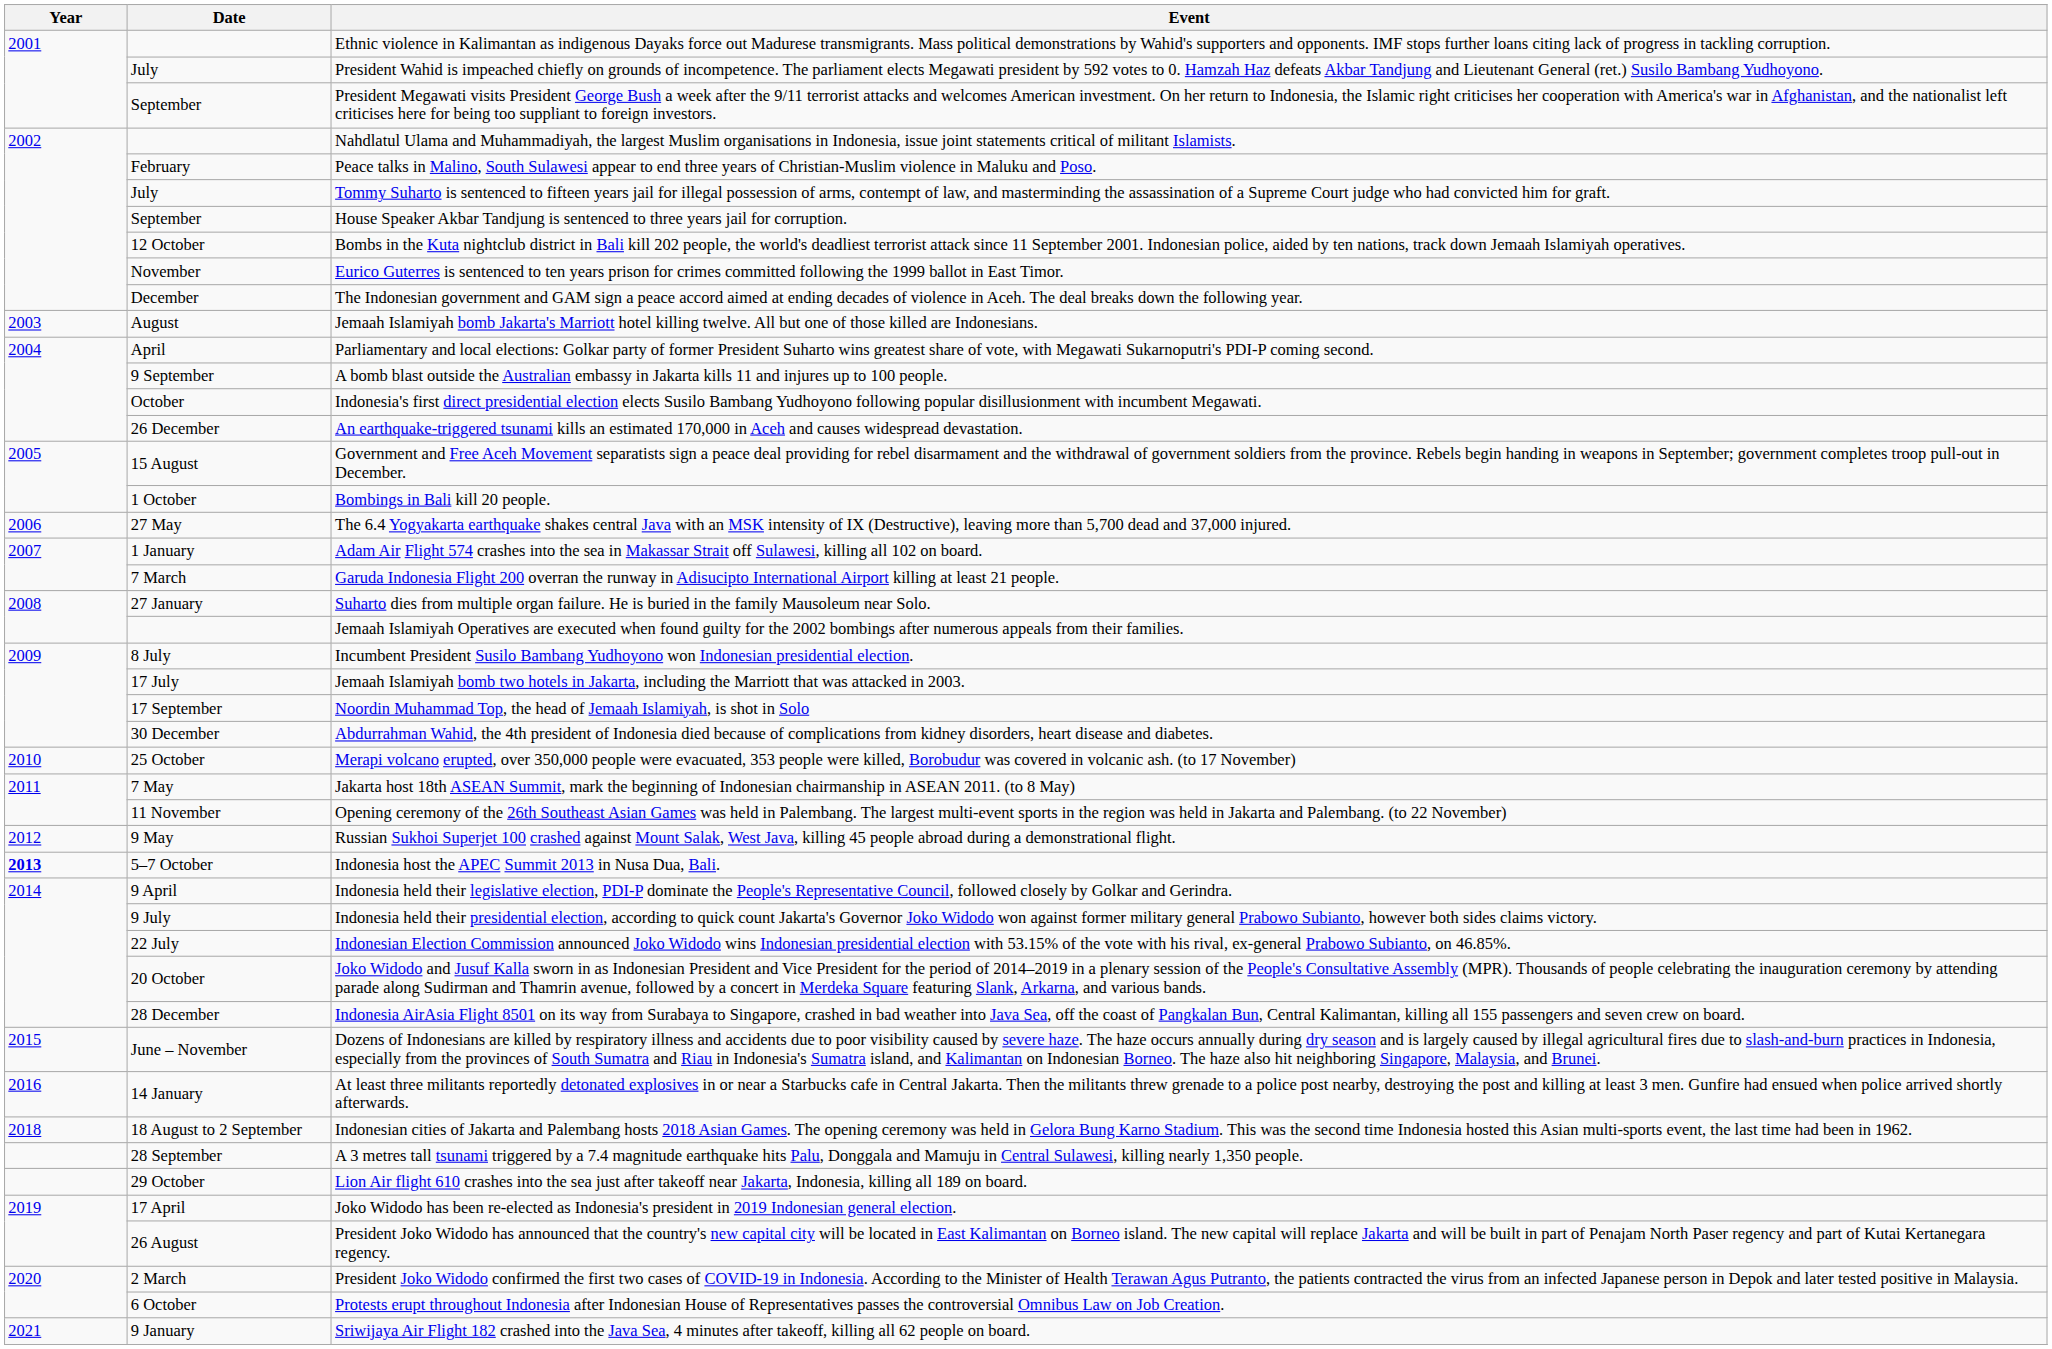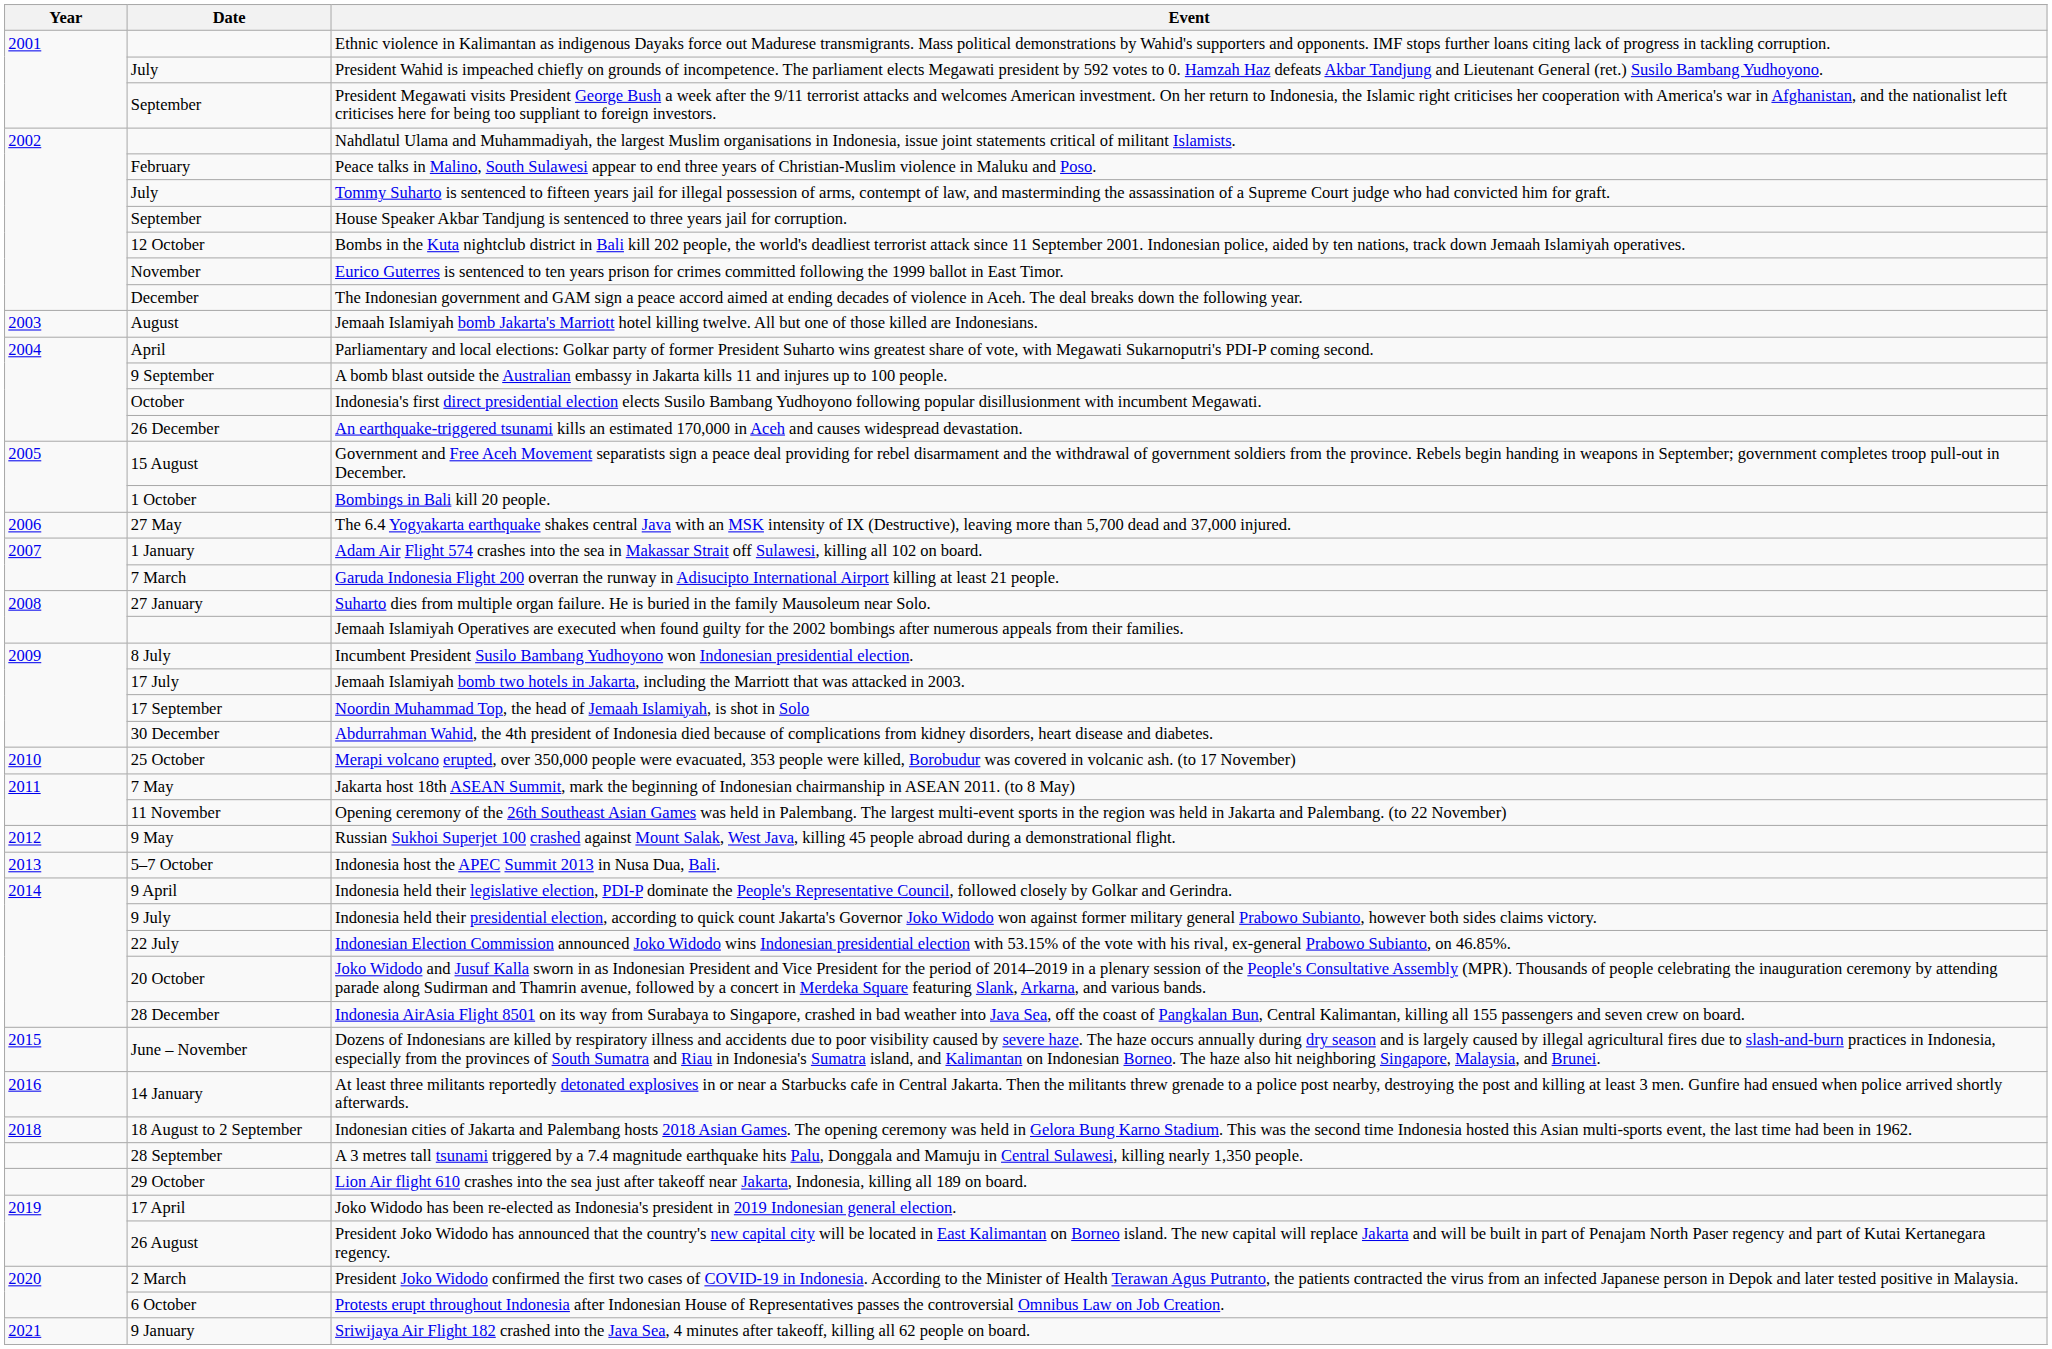 <table class="wikitable" width="100%">
 <tr>
 <th style="width:6%">Year</th>
 <th style="width:10%">Date</th>
 <th>Event</th>
 </tr>
 <tr>
 <td rowspan="3" valign="top"><a href='#'>2001</a></td>
 <td></td>
 <td>Ethnic violence in Kalimantan as indigenous Dayaks force out Madurese transmigrants. Mass political demonstrations by Wahid's supporters and opponents. IMF stops further loans citing lack of progress in tackling corruption.</td>
 </tr>
 <tr>
 <td>July</td>
 <td>President Wahid is impeached chiefly on grounds of incompetence. The parliament elects Megawati president by 592 votes to 0. <a href='#'>Hamzah Haz</a> defeats <a href='#'>Akbar Tandjung</a> and Lieutenant General (ret.) <a href='#'>Susilo Bambang Yudhoyono</a>.</td>
 </tr>
 <tr>
 <td>September</td>
 <td>President Megawati visits President <a href='#'>George Bush</a> a week after the 9/11 terrorist attacks and welcomes American investment. On her return to Indonesia, the Islamic right criticises her cooperation with America's war in <a href='#'>Afghanistan</a>, and the nationalist left criticises here for being too suppliant to foreign investors.</td>
 </tr>
 <tr>
 <td rowspan="7" valign="top"><a href='#'>2002</a></td>
 <td></td>
 <td>Nahdlatul Ulama and Muhammadiyah, the largest Muslim organisations in Indonesia, issue joint statements critical of militant <a href='#'>Islamists</a>.</td>
 </tr>
 <tr>
 <td>February</td>
 <td>Peace talks in <a href='#'>Malino</a>, <a href='#'>South Sulawesi</a> appear to end three years of Christian-Muslim violence in Maluku and <a href='#'>Poso</a>.</td>
 </tr>
 <tr>
 <td>July</td>
 <td><a href='#'>Tommy Suharto</a> is sentenced to fifteen years jail for illegal possession of arms, contempt of law, and masterminding the assassination of a Supreme Court judge who had convicted him for graft.</td>
 </tr>
 <tr>
 <td>September</td>
 <td>House Speaker Akbar Tandjung is sentenced to three years jail for corruption.</td>
 </tr>
 <tr>
 <td>12 October</td>
 <td>Bombs in the <a href='#'>Kuta</a> nightclub district in <a href='#'>Bali</a> kill 202 people, the world's deadliest terrorist attack since 11 September 2001. Indonesian police, aided by ten nations, track down Jemaah Islamiyah operatives.</td>
 </tr>
 <tr>
 <td>November</td>
 <td><a href='#'>Eurico Guterres</a> is sentenced to ten years prison for crimes committed following the 1999 ballot in East Timor.</td>
 </tr>
 <tr>
 <td>December</td>
 <td>The Indonesian government and GAM sign a peace accord aimed at ending decades of violence in Aceh. The deal breaks down the following year.</td>
 </tr>
 <tr>
 <td><a href='#'>2003</a></td>
 <td>August</td>
 <td>Jemaah Islamiyah <a href='#'>bomb Jakarta's Marriott</a> hotel killing twelve. All but one of those killed are Indonesians.</td>
 </tr>
 <tr>
 <td rowspan="4" valign="top"><a href='#'>2004</a></td>
 <td>April</td>
 <td>Parliamentary and local elections: Golkar party of former President Suharto wins greatest share of vote, with Megawati Sukarnoputri's PDI-P coming second.</td>
 </tr>
 <tr>
 <td>9 September</td>
 <td>A bomb blast outside the <a href='#'>Australian</a> embassy in Jakarta kills 11 and injures up to 100 people.</td>
 </tr>
 <tr>
 <td>October</td>
 <td>Indonesia's first <a href='#'>direct presidential election</a> elects Susilo Bambang Yudhoyono following popular disillusionment with incumbent Megawati.</td>
 </tr>
 <tr>
 <td>26 December</td>
 <td><a href='#'>An earthquake-triggered tsunami</a> kills an estimated 170,000 in <a href='#'>Aceh</a> and causes widespread devastation.</td>
 </tr>
 <tr>
 <td rowspan="2" valign="top"><a href='#'>2005</a></td>
 <td>15 August</td>
 <td>Government and <a href='#'>Free Aceh Movement</a> separatists sign a peace deal providing for rebel disarmament and the withdrawal of government soldiers from the province. Rebels begin handing in weapons in September; government completes troop pull-out in December.</td>
 </tr>
 <tr>
 <td>1 October</td>
 <td><a href='#'>Bombings in Bali</a> kill 20 people.</td>
 </tr>
 <tr>
 <td><a href='#'>2006</a></td>
 <td>27 May</td>
 <td>The 6.4  <a href='#'>Yogyakarta earthquake</a> shakes central <a href='#'>Java</a> with an <a href='#'>MSK</a> intensity of IX (Destructive), leaving more than 5,700 dead and 37,000 injured.</td>
 </tr>
 <tr>
 <td rowspan="2" valign="top"><a href='#'>2007</a></td>
 <td>1 January</td>
 <td><a href='#'>Adam Air</a> <a href='#'>Flight 574</a> crashes into the sea in <a href='#'>Makassar Strait</a> off <a href='#'>Sulawesi</a>, killing all 102 on board.</td>
 </tr>
 <tr>
 <td>7 March</td>
 <td><a href='#'>Garuda Indonesia Flight 200</a> overran the runway in <a href='#'>Adisucipto International Airport</a> killing at least 21 people.</td>
 </tr>
 <tr>
 <td rowspan="2" valign="top"><a href='#'>2008</a></td>
 <td>27 January</td>
 <td><a href='#'>Suharto</a> dies from multiple organ failure. He is buried in the family Mausoleum near Solo.</td>
 </tr>
 <tr>
 <td></td>
 <td>Jemaah Islamiyah Operatives are executed when found guilty for the 2002 bombings after numerous appeals from their families.</td>
 </tr>
 <tr>
 <td rowspan="4" valign="top"><a href='#'>2009</a></td>
 <td>8 July</td>
 <td>Incumbent President <a href='#'>Susilo Bambang Yudhoyono</a> won <a href='#'>Indonesian presidential election</a>.</td>
 </tr>
 <tr>
 <td>17 July</td>
 <td>Jemaah Islamiyah <a href='#'>bomb two hotels in Jakarta</a>, including the Marriott that was attacked in 2003.</td>
 </tr>
 <tr>
 <td>17 September</td>
 <td><a href='#'>Noordin Muhammad Top</a>, the head of <a href='#'>Jemaah Islamiyah</a>, is shot in <a href='#'>Solo</a></td>
 </tr>
 <tr>
 <td>30 December</td>
 <td><a href='#'>Abdurrahman Wahid</a>, the 4th president of Indonesia died because of complications from kidney disorders, heart disease and diabetes.</td>
 </tr>
 <tr>
 <td><a href='#'>2010</a></td>
 <td>25 October</td>
 <td><a href='#'>Merapi volcano</a> <a href='#'>erupted</a>, over 350,000 people were evacuated, 353 people were killed, <a href='#'>Borobudur</a> was covered in volcanic ash. (to 17 November)</td>
 </tr>
 <tr>
 <td rowspan="2" valign="top"><a href='#'>2011</a></td>
 <td>7 May</td>
 <td>Jakarta host 18th <a href='#'>ASEAN Summit</a>, mark the beginning of Indonesian chairmanship in ASEAN 2011. (to 8 May)</td>
 </tr>
 <tr>
 <td>11 November</td>
 <td>Opening ceremony of the <a href='#'>26th Southeast Asian Games</a> was held in Palembang. The largest multi-event sports in the region was held in Jakarta and Palembang. (to 22 November)</td>
 </tr>
 <tr>
 <td rowspan="1" valign="top"><a href='#'>2012</a></td>
 <td>9 May</td>
 <td>Russian <a href='#'>Sukhoi Superjet 100</a> <a href='#'>crashed</a> against <a href='#'>Mount Salak</a>, <a href='#'>West Java</a>, killing 45 people abroad during a demonstrational flight.</td>
 </tr>
 <tr>
-<td rowspan="1" valign="top"><strong><a href='#'>2013</a></strong></td>
+<td rowspan="1" valign="top"><a href='#'>2013</a></td>
 <td>5–7 October</td>
 <td>Indonesia host the <a href='#'>APEC</a> <a href='#'>Summit 2013</a> in Nusa Dua, <a href='#'>Bali</a>.</td>
 </tr>
 <tr>
 <td rowspan="5" valign="top"><a href='#'>2014</a></td>
 <td>9 April</td>
 <td>Indonesia held their <a href='#'>legislative election</a>, <a href='#'>PDI-P</a> dominate the <a href='#'>People's Representative Council</a>, followed closely by Golkar and Gerindra.</td>
 </tr>
 <tr>
 <td>9 July</td>
 <td>Indonesia held their <a href='#'>presidential election</a>, according to quick count Jakarta's Governor <a href='#'>Joko Widodo</a> won against former military general <a href='#'>Prabowo Subianto</a>, however both sides claims victory.</td>
 </tr>
 <tr>
 <td>22 July</td>
 <td><a href='#'>Indonesian Election Commission</a> announced <a href='#'>Joko Widodo</a> wins <a href='#'>Indonesian presidential election</a> with 53.15% of the vote with his rival, ex-general <a href='#'>Prabowo Subianto</a>, on 46.85%.</td>
 </tr>
 <tr>
 <td>20 October</td>
 <td><a href='#'>Joko Widodo</a> and <a href='#'>Jusuf Kalla</a> sworn in as Indonesian President and Vice President for the period of 2014–2019 in a plenary session of the <a href='#'>People's Consultative Assembly</a> (MPR). Thousands of people celebrating the inauguration ceremony by attending parade along Sudirman and Thamrin avenue, followed by a concert in <a href='#'>Merdeka Square</a> featuring <a href='#'>Slank</a>, <a href='#'>Arkarna</a>, and various bands.</td>
 </tr>
 <tr>
 <td>28 December</td>
 <td><a href='#'>Indonesia AirAsia Flight 8501</a> on its way from Surabaya to Singapore, crashed in bad weather into <a href='#'>Java Sea</a>, off the coast of <a href='#'>Pangkalan Bun</a>, Central Kalimantan, killing all 155 passengers and seven crew on board.</td>
 </tr>
 <tr>
 <td rowspan="1" valign="top"><a href='#'>2015</a></td>
 <td>June – November</td>
 <td>Dozens of Indonesians are killed by respiratory illness and accidents due to poor visibility caused by <a href='#'>severe haze</a>. The haze occurs annually during <a href='#'>dry season</a> and is largely caused by illegal agricultural fires due to <a href='#'>slash-and-burn</a> practices in Indonesia, especially from the provinces of <a href='#'>South Sumatra</a> and <a href='#'>Riau</a> in Indonesia's <a href='#'>Sumatra</a> island, and <a href='#'>Kalimantan</a> on Indonesian <a href='#'>Borneo</a>. The haze also hit neighboring <a href='#'>Singapore</a>, <a href='#'>Malaysia</a>, and <a href='#'>Brunei</a>.</td>
 </tr>
 <tr>
 <td rowspan="1" valign="top"><a href='#'>2016</a></td>
 <td>14 January</td>
 <td>At least three militants reportedly <a href='#'>detonated explosives</a> in or near a Starbucks cafe in Central Jakarta. Then the militants threw grenade to a police post nearby, destroying the post and killing at least 3 men. Gunfire had ensued when police arrived shortly afterwards.</td>
 </tr>
 <tr>
 <td><a href='#'>2018</a></td>
 <td>18 August to 2 September</td>
 <td>Indonesian cities of Jakarta and Palembang hosts <a href='#'>2018 Asian Games</a>. The opening ceremony was held in <a href='#'>Gelora Bung Karno Stadium</a>. This was the second time Indonesia hosted this Asian multi-sports event, the last time had been in 1962.</td>
 </tr>
 <tr>
 <td></td>
 <td>28 September</td>
 <td>A 3 metres tall <a href='#'>tsunami</a> triggered by a 7.4 magnitude earthquake hits <a href='#'>Palu</a>, Donggala and Mamuju in <a href='#'>Central Sulawesi</a>, killing nearly 1,350 people.</td>
 </tr>
 <tr>
 <td></td>
 <td>29 October</td>
 <td><a href='#'>Lion Air flight 610</a> crashes into the sea just after takeoff near <a href='#'>Jakarta</a>, Indonesia, killing all 189 on board.</td>
 </tr>
 <tr>
 <td rowspan="2" valign="top"><a href='#'>2019</a></td>
 <td>17 April</td>
 <td>Joko Widodo has been re-elected as Indonesia's president in <a href='#'>2019 Indonesian general election</a>.</td>
 </tr>
 <tr>
 <td>26 August</td>
 <td>President Joko Widodo has announced that the country's <a href='#'>new capital city</a> will be located in <a href='#'>East Kalimantan</a> on <a href='#'>Borneo</a> island. The new capital will replace <a href='#'>Jakarta</a> and will be built in part of Penajam North Paser regency and part of Kutai Kertanegara regency.</td>
 </tr>
 <tr>
 <td rowspan="2" valign="top"><a href='#'>2020</a></td>
 <td>2 March</td>
 <td>President <a href='#'>Joko Widodo</a> confirmed the first two cases of <a href='#'>COVID-19 in Indonesia</a>. According to the Minister of Health <a href='#'>Terawan Agus Putranto</a>, the patients contracted the virus from an infected Japanese person in Depok and later tested positive in Malaysia.</td>
 </tr>
 <tr>
 <td>6 October</td>
 <td><a href='#'>Protests erupt throughout Indonesia</a> after Indonesian House of Representatives passes the controversial <a href='#'>Omnibus Law on Job Creation</a>.</td>
 </tr>
 <tr>
 <td rowspan="1" valign="top"><a href='#'>2021</a></td>
 <td>9 January</td>
 <td><a href='#'>Sriwijaya Air Flight 182</a> crashed into the <a href='#'>Java Sea</a>, 4 minutes after takeoff, killing all 62 people on board.</td>
 </tr>
 <tr>
 </tr>
 </table>
